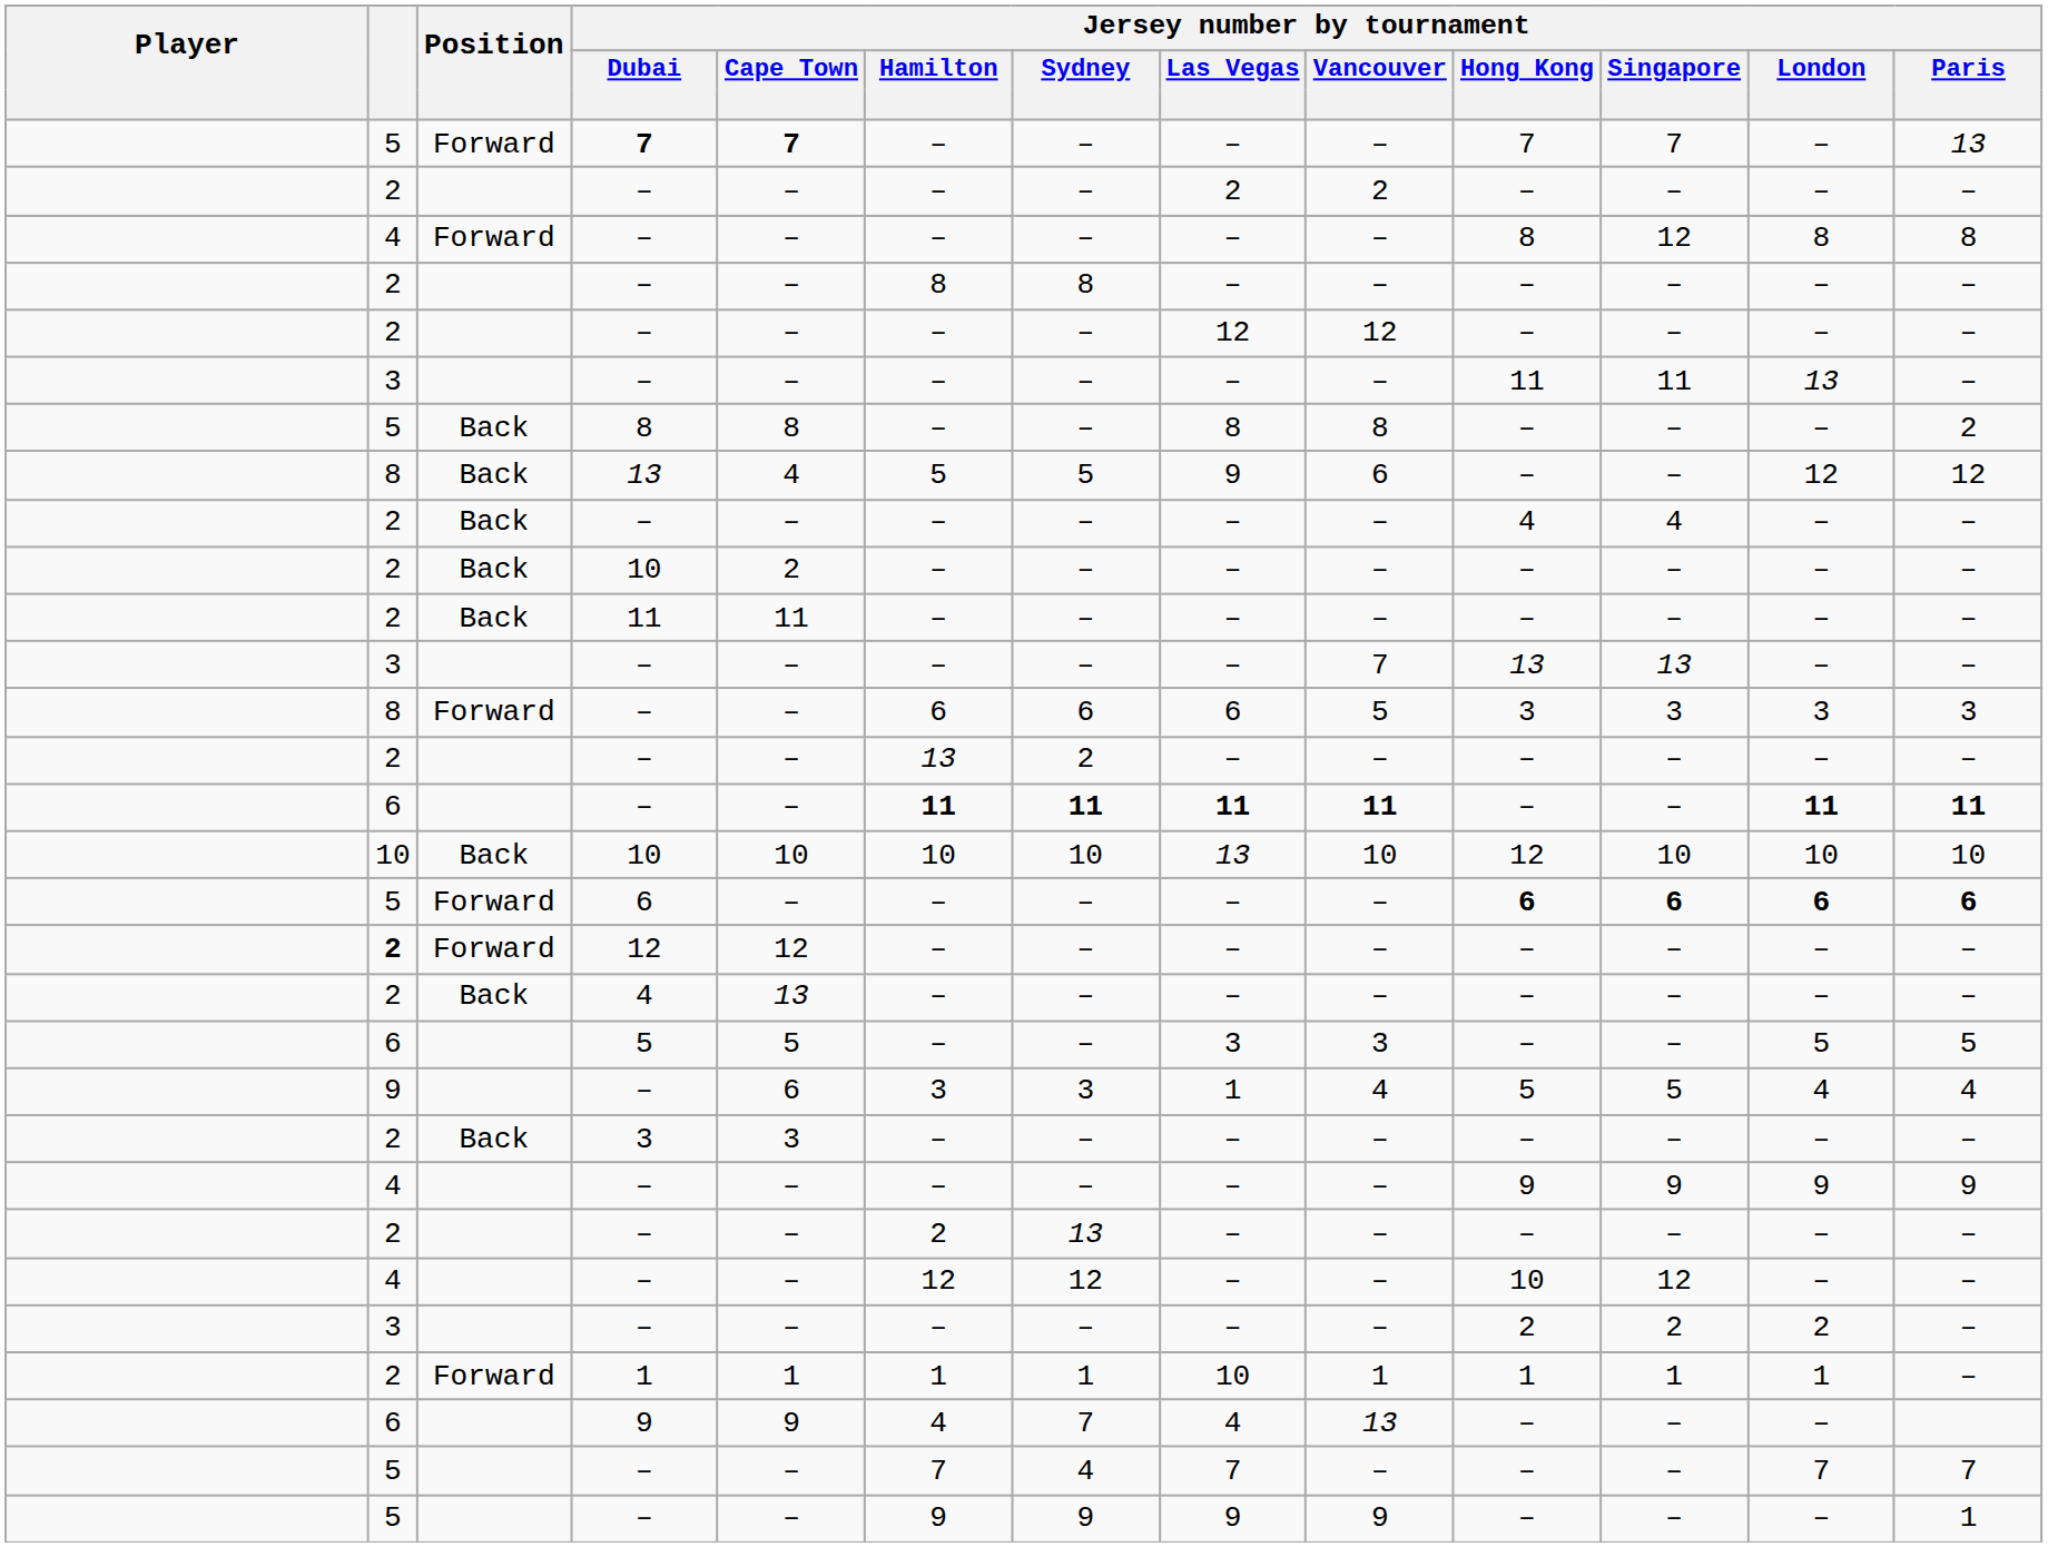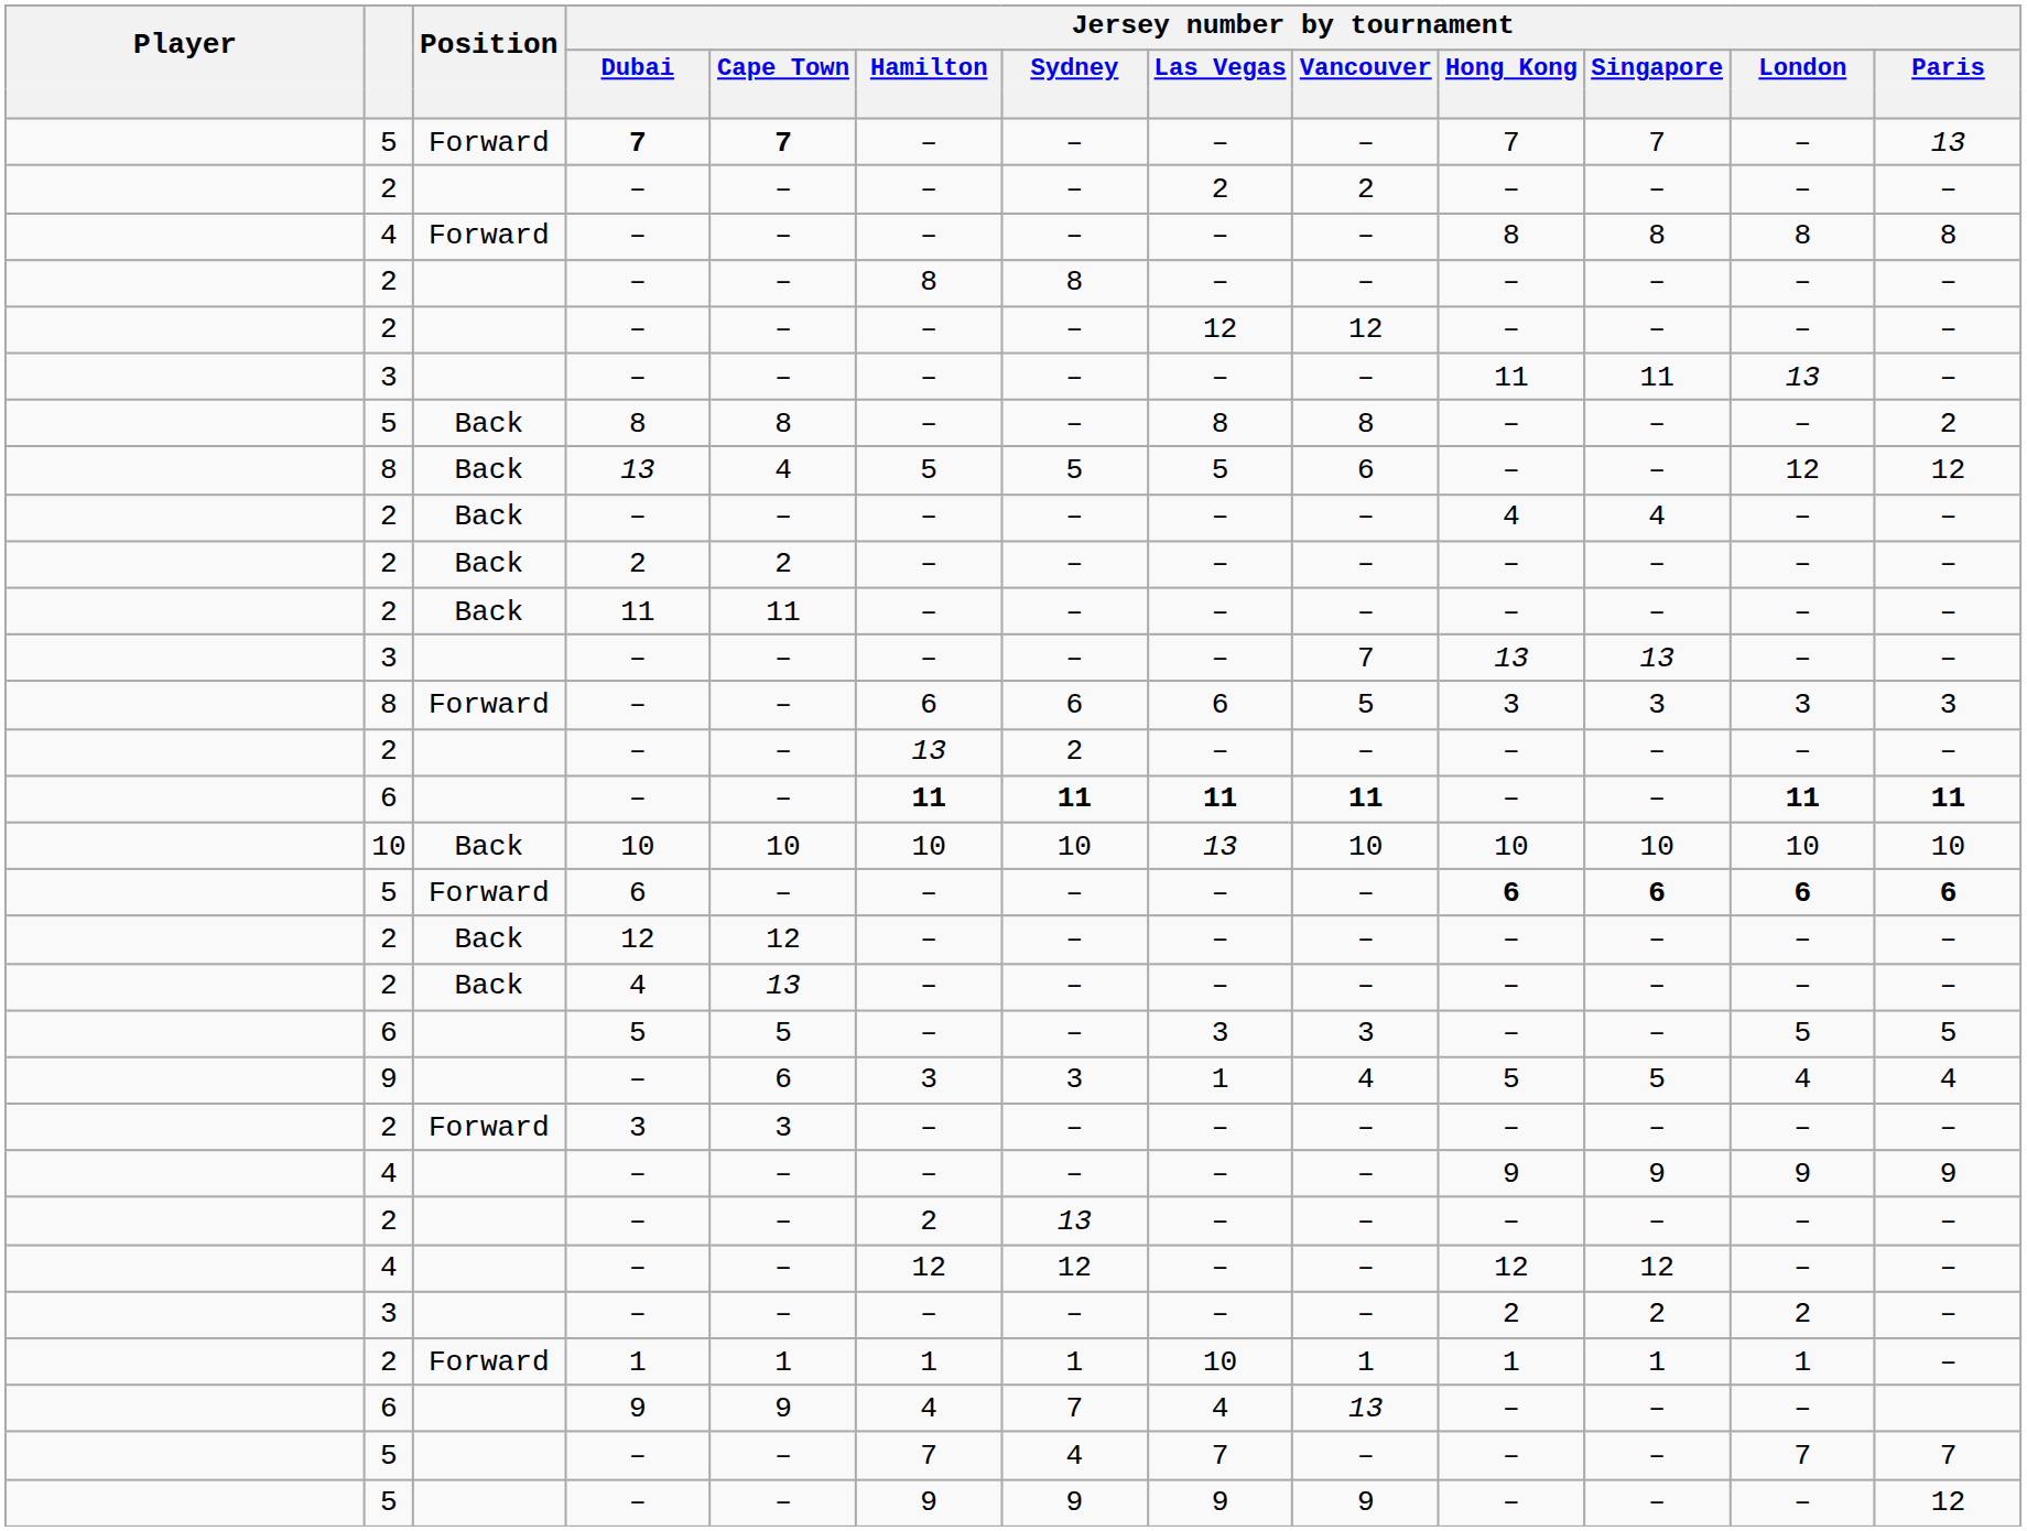 <table class="wikitable sortable" style="text-align:center;">
 <tr>
 <th rowspan=2 style="border-bottom:0px; width:12em;">Player</th>
 <th rowspan=2 style="border-bottom:0px;"></th>
 <th rowspan=2 style="border-bottom:0px;">Position</th>
 <th colspan=10 style="font-size:95%;">Jersey number by tournament</th>
 </tr>
 <tr>
 <th style="vertical-align:top;width:5.5em;border-bottom:1px solid transparent;padding:2px;font-size:85%;"><a href='#'>Dubai</a></th>
 <th style="vertical-align:top;width:5.5em;border-bottom:1px solid transparent;padding:2px;font-size:85%;"><a href='#'>Cape Town</a></th>
 <th style="vertical-align:top;width:5.5em;border-bottom:1px solid transparent;padding:2px;font-size:85%;"><a href='#'>Hamilton</a></th>
 <th style="vertical-align:top;width:5.5em;border-bottom:1px solid transparent;padding:2px;font-size:85%;"><a href='#'>Sydney</a></th>
 <th style="vertical-align:top;width:5.5em;border-bottom:1px solid transparent;padding:2px;font-size:85%;"><a href='#'>Las Vegas</a></th>
 <th style="vertical-align:top;width:5.5em;border-bottom:1px solid transparent;padding:2px;font-size:85%;"><a href='#'>Vancouver</a></th>
 <th style="vertical-align:top;width:5.5em;border-bottom:1px solid transparent;padding:2px;font-size:85%;"><a href='#'>Hong Kong</a></th>
 <th style="vertical-align:top;width:5.5em;border-bottom:1px solid transparent;padding:2px;font-size:85%;"><a href='#'>Singapore</a></th>
 <th style="vertical-align:top;width:5.5em;border-bottom:1px solid transparent;padding:2px;font-size:85%;"><a href='#'>London</a></th>
 <th style="vertical-align:top;width:5.5em;border-bottom:1px solid transparent;padding:2px;font-size:85%;"><a href='#'>Paris</a></th>
 </tr>
 <tr style="line-height:8px;">
 <th style="border-top:1px solid transparent;"></th>
 <th style="border-top:1px solid transparent;"> </th>
 <th style="border-top:1px solid transparent;"> </th>
 <th data-sort-type="number" style="border-top:1px solid transparent;"></th>
 <th data-sort-type="number" style="border-top:1px solid transparent;"></th>
 <th data-sort-type="number" style="border-top:1px solid transparent;"></th>
 <th data-sort-type="number" style="border-top:1px solid transparent;"></th>
 <th data-sort-type="number" style="border-top:1px solid transparent;"></th>
 <th data-sort-type="number" style="border-top:1px solid transparent;"></th>
 <th data-sort-type="number" style="border-top:1px solid transparent;"></th>
 <th data-sort-type="number" style="border-top:1px solid transparent;"></th>
 <th data-sort-type="number" style="border-top:1px solid transparent;"></th>
 <th data-sort-type="number" style="border-top:1px solid transparent;"></th>
 </tr>
 <tr>
 <td align=left></td>
 <td>5</td>
 <td>Forward</td>
 <td><strong>7</strong></td>
 <td><strong>7</strong></td>
 <td>–</td>
 <td>–</td>
 <td>–</td>
 <td>–</td>
 <td>7</td>
 <td>7</td>
 <td>–</td>
 <td><em>13</em></td>
 </tr>
 <tr>
 <td align=left></td>
 <td>2</td>
 <td></td>
 <td>–</td>
 <td>–</td>
 <td>–</td>
 <td>–</td>
 <td>2</td>
 <td>2</td>
 <td>–</td>
 <td>–</td>
 <td>–</td>
 <td>–</td>
 </tr>
 <tr>
 <td align=left></td>
 <td>4</td>
 <td>Forward</td>
 <td>–</td>
 <td>–</td>
 <td>–</td>
 <td>–</td>
 <td>–</td>
 <td>–</td>
 <td>8</td>
-<td>12</td>
+<td>8</td>
 <td>8</td>
 <td>8</td>
 </tr>
 <tr>
 <td align=left></td>
 <td>2</td>
 <td></td>
 <td>–</td>
 <td>–</td>
 <td>8</td>
 <td>8</td>
 <td>–</td>
 <td>–</td>
 <td>–</td>
 <td>–</td>
 <td>–</td>
 <td>–</td>
 </tr>
 <tr>
 <td align=left></td>
 <td>2</td>
 <td></td>
 <td>–</td>
 <td>–</td>
 <td>–</td>
 <td>–</td>
 <td>12</td>
 <td>12</td>
 <td>–</td>
 <td>–</td>
 <td>–</td>
 <td>–</td>
 </tr>
 <tr>
 <td align=left></td>
 <td>3</td>
 <td></td>
 <td>–</td>
 <td>–</td>
 <td>–</td>
 <td>–</td>
 <td>–</td>
 <td>–</td>
 <td>11</td>
 <td>11</td>
 <td><em>13</em></td>
 <td>–</td>
 </tr>
 <tr>
 <td align=left></td>
 <td>5</td>
 <td>Back</td>
 <td>8</td>
 <td>8</td>
 <td>–</td>
 <td>–</td>
 <td>8</td>
 <td>8</td>
 <td>–</td>
 <td>–</td>
 <td>–</td>
 <td>2</td>
 </tr>
 <tr>
 <td align=left></td>
 <td>8</td>
 <td>Back</td>
 <td><em>13</em></td>
 <td>4</td>
 <td>5</td>
 <td>5</td>
-<td>9</td>
+<td>5</td>
 <td>6</td>
 <td>–</td>
 <td>–</td>
 <td>12</td>
 <td>12</td>
 </tr>
 <tr>
 <td align=left></td>
 <td>2</td>
 <td>Back</td>
 <td>–</td>
 <td>–</td>
 <td>–</td>
 <td>–</td>
 <td>–</td>
 <td>–</td>
 <td>4</td>
 <td>4</td>
 <td>–</td>
 <td>–</td>
 </tr>
 <tr>
 <td align=left></td>
 <td>2</td>
 <td>Back</td>
-<td>10</td>
+<td>2</td>
 <td>2</td>
 <td>–</td>
 <td>–</td>
 <td>–</td>
 <td>–</td>
 <td>–</td>
 <td>–</td>
 <td>–</td>
 <td>–</td>
 </tr>
 <tr>
 <td align=left></td>
 <td>2</td>
 <td>Back</td>
 <td>11</td>
 <td>11</td>
 <td>–</td>
 <td>–</td>
 <td>–</td>
 <td>–</td>
 <td>–</td>
 <td>–</td>
 <td>–</td>
 <td>–</td>
 </tr>
 <tr>
 <td align=left></td>
 <td>3</td>
 <td></td>
 <td>–</td>
 <td>–</td>
 <td>–</td>
 <td>–</td>
 <td>–</td>
 <td>7</td>
 <td><em>13</em></td>
 <td><em>13</em></td>
 <td>–</td>
 <td>–</td>
 </tr>
 <tr>
 <td align=left></td>
 <td>8</td>
 <td>Forward</td>
 <td>–</td>
 <td>–</td>
 <td>6</td>
 <td>6</td>
 <td>6</td>
 <td>5</td>
 <td>3</td>
 <td>3</td>
 <td>3</td>
 <td>3</td>
 </tr>
 <tr>
 <td align=left></td>
 <td>2</td>
 <td></td>
 <td>–</td>
 <td>–</td>
 <td><em>13</em></td>
 <td>2</td>
 <td>–</td>
 <td>–</td>
 <td>–</td>
 <td>–</td>
 <td>–</td>
 <td>–</td>
 </tr>
 <tr>
 <td align=left></td>
 <td>6</td>
 <td></td>
 <td>–</td>
 <td>–</td>
 <td><strong>11</strong></td>
 <td><strong>11</strong></td>
 <td><strong>11</strong></td>
 <td><strong>11</strong></td>
 <td>–</td>
 <td>–</td>
 <td><strong>11</strong></td>
 <td><strong>11</strong></td>
 </tr>
 <tr>
 <td align=left></td>
 <td>10</td>
 <td>Back</td>
 <td>10</td>
 <td>10</td>
 <td>10</td>
 <td>10</td>
 <td><em>13</em></td>
 <td>10</td>
-<td>12</td>
+<td>10</td>
 <td>10</td>
 <td>10</td>
 <td>10</td>
 </tr>
 <tr>
 <td align=left></td>
 <td>5</td>
 <td>Forward</td>
 <td>6</td>
 <td>–</td>
 <td>–</td>
 <td>–</td>
 <td>–</td>
 <td>–</td>
 <td><strong>6</strong></td>
 <td><strong>6</strong></td>
 <td><strong>6</strong></td>
 <td><strong>6</strong></td>
 </tr>
 <tr>
 <td align=left></td>
-<td><strong>2</strong></td>
-<td>Forward</td>
+<td>2</td>
+<td>Back</td>
 <td>12</td>
 <td>12</td>
 <td>–</td>
 <td>–</td>
 <td>–</td>
 <td>–</td>
 <td>–</td>
 <td>–</td>
 <td>–</td>
 <td>–</td>
 </tr>
 <tr>
 <td align=left></td>
 <td>2</td>
 <td>Back</td>
 <td>4</td>
 <td><em>13</em></td>
 <td>–</td>
 <td>–</td>
 <td>–</td>
 <td>–</td>
 <td>–</td>
 <td>–</td>
 <td>–</td>
 <td>–</td>
 </tr>
 <tr>
 <td align=left></td>
 <td>6</td>
 <td></td>
 <td>5</td>
 <td>5</td>
 <td>–</td>
 <td>–</td>
 <td>3</td>
 <td>3</td>
 <td>–</td>
 <td>–</td>
 <td>5</td>
 <td>5</td>
 </tr>
 <tr>
 <td align=left></td>
 <td>9</td>
 <td></td>
 <td>–</td>
 <td>6</td>
 <td>3</td>
 <td>3</td>
 <td>1</td>
 <td>4</td>
 <td>5</td>
 <td>5</td>
 <td>4</td>
 <td>4</td>
 </tr>
 <tr>
 <td align=left></td>
 <td>2</td>
-<td>Back</td>
+<td>Forward</td>
 <td>3</td>
 <td>3</td>
 <td>–</td>
 <td>–</td>
 <td>–</td>
 <td>–</td>
 <td>–</td>
 <td>–</td>
 <td>–</td>
 <td>–</td>
 </tr>
 <tr>
 <td align=left></td>
 <td>4</td>
 <td></td>
 <td>–</td>
 <td>–</td>
 <td>–</td>
 <td>–</td>
 <td>–</td>
 <td>–</td>
 <td>9</td>
 <td>9</td>
 <td>9</td>
 <td>9</td>
 </tr>
 <tr>
 <td align=left></td>
 <td>2</td>
 <td></td>
 <td>–</td>
 <td>–</td>
 <td>2</td>
 <td><em>13</em></td>
 <td>–</td>
 <td>–</td>
 <td>–</td>
 <td>–</td>
 <td>–</td>
 <td>–</td>
 </tr>
 <tr>
 <td align=left></td>
 <td>4</td>
 <td></td>
 <td>–</td>
 <td>–</td>
 <td>12</td>
 <td>12</td>
 <td>–</td>
 <td>–</td>
-<td>10</td>
+<td>12</td>
 <td>12</td>
 <td>–</td>
 <td>–</td>
 </tr>
 <tr>
 <td align=left></td>
 <td>3</td>
 <td></td>
 <td>–</td>
 <td>–</td>
 <td>–</td>
 <td>–</td>
 <td>–</td>
 <td>–</td>
 <td>2</td>
 <td>2</td>
 <td>2</td>
 <td>–</td>
 </tr>
 <tr>
 <td align=left></td>
 <td>2</td>
 <td>Forward</td>
 <td>1</td>
 <td>1</td>
 <td>1</td>
 <td>1</td>
 <td>10</td>
 <td>1</td>
 <td>1</td>
 <td>1</td>
 <td>1</td>
 <td>–</td>
 </tr>
 <tr>
 <td align=left></td>
 <td>6</td>
 <td></td>
 <td>9</td>
 <td>9</td>
 <td>4</td>
 <td>7</td>
 <td>4</td>
 <td><em>13</em></td>
 <td>–</td>
 <td>–</td>
 <td>–</td>
 <td></td>
 </tr>
 <tr>
 <td align=left></td>
 <td>5</td>
 <td></td>
 <td>–</td>
 <td>–</td>
 <td>7</td>
 <td>4</td>
 <td>7</td>
 <td>–</td>
 <td>–</td>
 <td>–</td>
 <td>7</td>
 <td>7</td>
 </tr>
 <tr>
 <td align=left></td>
 <td>5</td>
 <td></td>
 <td>–</td>
 <td>–</td>
 <td>9</td>
 <td>9</td>
 <td>9</td>
 <td>9</td>
 <td>–</td>
 <td>–</td>
 <td>–</td>
-<td>1</td>
+<td>12</td>
 </tr>
 </table>
